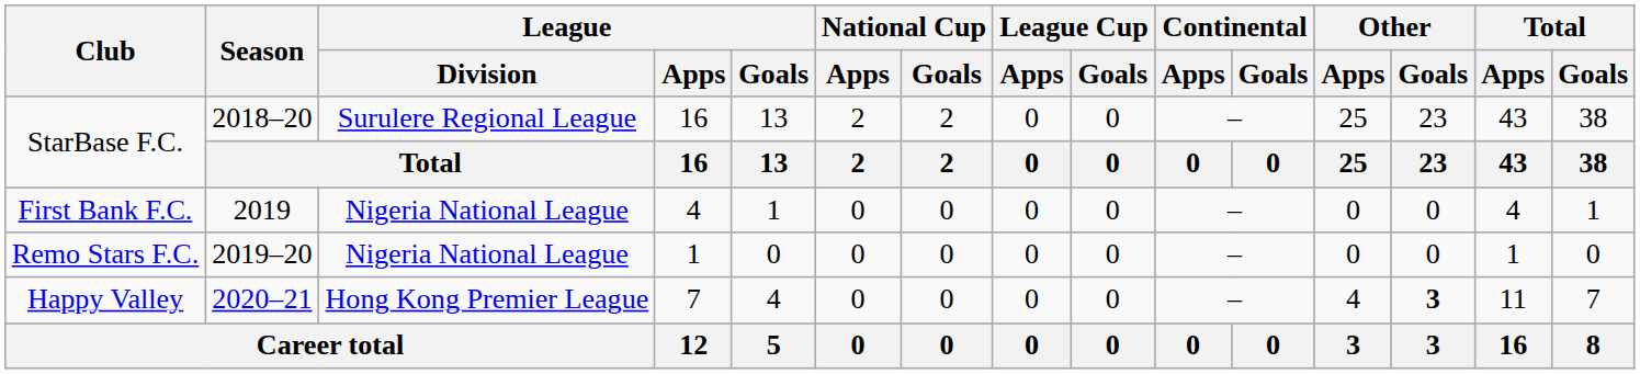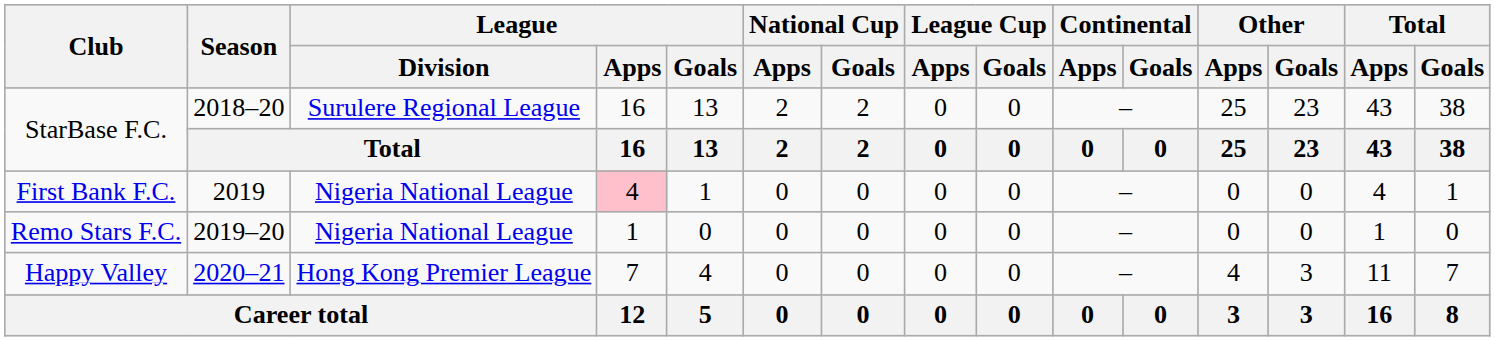 <table class="wikitable" style="text-align: center">
 <tr>
 <th rowspan="2">Club</th>
 <th rowspan="2">Season</th>
 <th colspan="3">League</th>
 <th colspan="2">National Cup</th>
 <th colspan="2">League Cup</th>
 <th colspan="2">Continental</th>
 <th colspan="2">Other</th>
 <th colspan="2">Total</th>
 </tr>
 <tr>
 <th>Division</th>
 <th>Apps</th>
 <th>Goals</th>
 <th>Apps</th>
 <th>Goals</th>
 <th>Apps</th>
 <th>Goals</th>
 <th>Apps</th>
 <th>Goals</th>
 <th>Apps</th>
 <th>Goals</th>
 <th>Apps</th>
 <th>Goals</th>
 </tr>
 <tr>
 <td rowspan=2>StarBase F.C.</td>
 <td>2018–20</td>
 <td><a href='#'>Surulere Regional League</a></td>
 <td>16</td>
 <td>13</td>
 <td>2</td>
 <td>2</td>
 <td>0</td>
 <td>0</td>
 <td colspan="2">–</td>
 <td>25</td>
 <td>23</td>
 <td>43</td>
 <td>38</td>
 </tr>
 <tr>
 <th colspan=2>Total</th>
 <th>16</th>
 <th>13</th>
 <th>2</th>
 <th>2</th>
 <th>0</th>
 <th>0</th>
 <th>0</th>
 <th>0</th>
 <th>25</th>
 <th>23</th>
 <th>43</th>
 <th>38</th>
 </tr>
 <tr>
 <td><a href='#'>First Bank F.C.</a></td>
 <td>2019</td>
 <td><a href='#'>Nigeria National League</a></td>
-<td>4</td>
+<td style="background: pink;">4</td>
 <td>1</td>
 <td>0</td>
 <td>0</td>
 <td>0</td>
 <td>0</td>
 <td colspan="2">–</td>
 <td>0</td>
 <td>0</td>
 <td>4</td>
 <td>1</td>
 </tr>
 <tr>
 <td><a href='#'>Remo Stars F.C.</a></td>
 <td>2019–20</td>
 <td><a href='#'>Nigeria National League</a></td>
 <td>1</td>
 <td>0</td>
 <td>0</td>
 <td>0</td>
 <td>0</td>
 <td>0</td>
 <td colspan="2">–</td>
 <td>0</td>
 <td>0</td>
 <td>1</td>
 <td>0</td>
 </tr>
 <tr>
 <td><a href='#'>Happy Valley</a></td>
 <td><a href='#'>2020–21</a></td>
 <td><a href='#'>Hong Kong Premier League</a></td>
 <td>7</td>
 <td>4</td>
 <td>0</td>
 <td>0</td>
 <td>0</td>
 <td>0</td>
 <td colspan="2">–</td>
 <td>4</td>
-<td><strong>3</strong></td>
+<td>3</td>
 <td>11</td>
 <td>7</td>
 </tr>
 <tr>
 <th colspan=3>Career total</th>
 <th>12</th>
 <th>5</th>
 <th>0</th>
 <th>0</th>
 <th>0</th>
 <th>0</th>
 <th>0</th>
 <th>0</th>
 <th>3</th>
 <th>3</th>
 <th>16</th>
 <th>8</th>
 </tr>
 </table>
